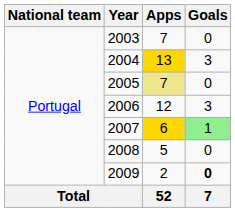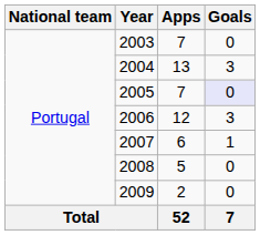 <table class="wikitable" style="text-align:center">
 <tr>
 <th>National team</th>
 <th>Year</th>
 <th>Apps</th>
 <th>Goals</th>
 </tr>
 <tr>
 <td rowspan="7"><a href='#'>Portugal</a></td>
 <td>2003</td>
 <td>7</td>
 <td>0</td>
 </tr>
 <tr>
 <td>2004</td>
-<td style="background: gold;">13</td>
+<td>13</td>
 <td>3</td>
 </tr>
 <tr>
 <td>2005</td>
-<td style="background: khaki;">7</td>
-<td>0</td>
+<td>7</td>
+<td style="background: lavender;">0</td>
 </tr>
 <tr>
 <td>2006</td>
 <td>12</td>
 <td>3</td>
 </tr>
 <tr>
 <td>2007</td>
-<td style="background: gold;">6</td>
-<td style="background: lightgreen;">1</td>
+<td>6</td>
+<td>1</td>
 </tr>
 <tr>
 <td>2008</td>
 <td>5</td>
 <td>0</td>
 </tr>
 <tr>
 <td>2009</td>
 <td>2</td>
-<td><strong>0</strong></td>
+<td>0</td>
 </tr>
 <tr>
 <th colspan="2">Total</th>
 <th>52</th>
 <th>7</th>
 </tr>
 </table>
